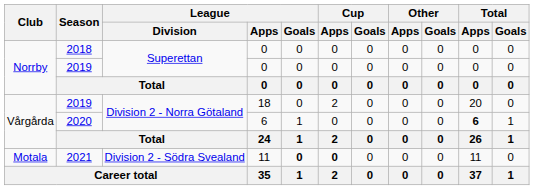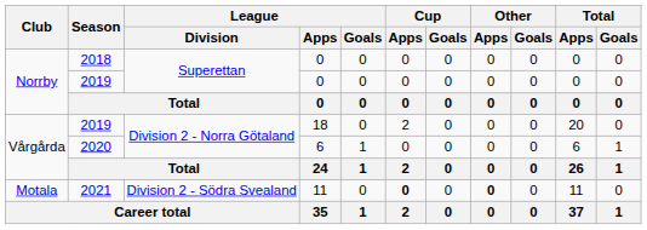 <table class="wikitable" style="text-align: center">
 <tr>
 <th rowspan="2">Club</th>
 <th rowspan="2">Season</th>
 <th colspan="3">League</th>
 <th colspan="2">Cup</th>
 <th colspan="2">Other</th>
 <th colspan="2">Total</th>
 </tr>
 <tr>
 <th>Division</th>
 <th>Apps</th>
 <th>Goals</th>
 <th>Apps</th>
 <th>Goals</th>
 <th>Apps</th>
 <th>Goals</th>
 <th>Apps</th>
 <th>Goals</th>
 </tr>
 <tr>
 <td rowspan="3"><a href='#'>Norrby</a></td>
 <td><a href='#'>2018</a></td>
 <td rowspan="2"><a href='#'>Superettan</a></td>
 <td>0</td>
 <td>0</td>
 <td>0</td>
 <td>0</td>
 <td>0</td>
 <td>0</td>
 <td>0</td>
 <td>0</td>
 </tr>
 <tr>
 <td><a href='#'>2019</a></td>
 <td>0</td>
 <td>0</td>
 <td>0</td>
 <td>0</td>
 <td>0</td>
 <td>0</td>
 <td>0</td>
 <td>0</td>
 </tr>
 <tr>
 <th colspan="2"><strong>Total</strong></th>
 <th>0</th>
 <th>0</th>
 <th>0</th>
 <th>0</th>
 <th>0</th>
 <th>0</th>
 <th>0</th>
 <th>0</th>
 </tr>
 <tr>
 <td rowspan="3">Vårgårda</td>
 <td><a href='#'>2019</a></td>
 <td rowspan="2"><a href='#'>Division 2 - Norra Götaland</a></td>
 <td>18</td>
 <td>0</td>
 <td>2</td>
 <td>0</td>
 <td>0</td>
 <td>0</td>
 <td>20</td>
 <td>0</td>
 </tr>
 <tr>
 <td><a href='#'>2020</a></td>
 <td>6</td>
 <td>1</td>
 <td>0</td>
 <td>0</td>
 <td>0</td>
 <td>0</td>
-<td><strong>6</strong></td>
+<td>6</td>
 <td>1</td>
 </tr>
 <tr>
 <th colspan="2"><strong>Total</strong></th>
 <th>24</th>
 <th>1</th>
 <th>2</th>
 <th>0</th>
 <th>0</th>
 <th>0</th>
 <th>26</th>
 <th>1</th>
 </tr>
 <tr>
 <td><a href='#'>Motala</a></td>
 <td><a href='#'>2021</a></td>
 <td><a href='#'>Division 2 - Södra Svealand</a></td>
 <td>11</td>
-<td><strong>0</strong></td>
+<td>0</td>
 <td><strong>0</strong></td>
 <td>0</td>
-<td>0</td>
+<td><strong>0</strong></td>
 <td>0</td>
 <td>11</td>
 <td>0</td>
 </tr>
 <tr>
 <th colspan="3"><strong>Career total</strong></th>
 <th>35</th>
 <th>1</th>
 <th>2</th>
 <th>0</th>
 <th>0</th>
 <th>0</th>
 <th>37</th>
 <th>1</th>
 </tr>
 </table>
